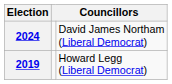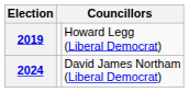 <table class="wikitable">
 <tr>
 <th>Election</th>
 <th colspan="2">Councillors</th>
 </tr>
 <tr>
+<th><a href='#'>2019</a></th>
+<td style="background-color: "></td>
+<td>Howard Legg<br>(<a href='#'>Liberal Democrat</a>)</td>
+</tr>
+<tr>
 <th><a href='#'>2024</a></th>
 <td style="background-color: "></td>
 <td>David James Northam<br>(<a href='#'>Liberal Democrat</a>)</td>
 </tr>
-<tr>
-<th><a href='#'>2019</a></th>
-<td style="background-color: "></td>
-<td>Howard Legg<br>(<a href='#'>Liberal Democrat</a>)</td>
-</tr>
 </table>
